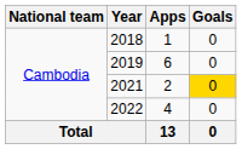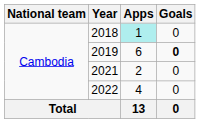 <table class="wikitable" style="text-align:center">
 <tr>
 <th>National team</th>
 <th>Year</th>
 <th>Apps</th>
 <th>Goals</th>
 </tr>
 <tr>
 <td rowspan="4"><a href='#'>Cambodia</a></td>
 <td>2018</td>
-<td>1</td>
+<td style="background: paleturquoise;">1</td>
 <td>0</td>
 </tr>
 <tr>
 <td>2019</td>
 <td>6</td>
-<td>0</td>
+<td><strong>0</strong></td>
 </tr>
 <tr>
 <td>2021</td>
 <td>2</td>
-<td style="background: gold;">0</td>
+<td>0</td>
 </tr>
 <tr>
 <td>2022</td>
 <td>4</td>
 <td>0</td>
 </tr>
 <tr>
 <th colspan=2>Total</th>
 <th>13</th>
 <th>0</th>
 </tr>
 </table>
